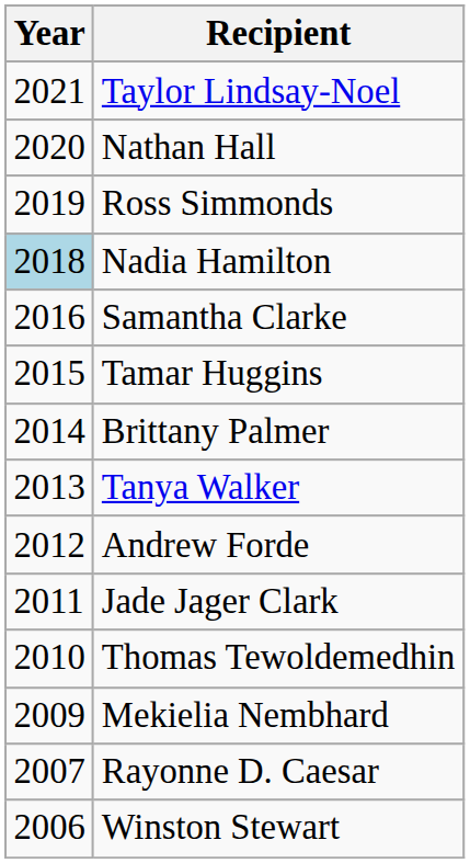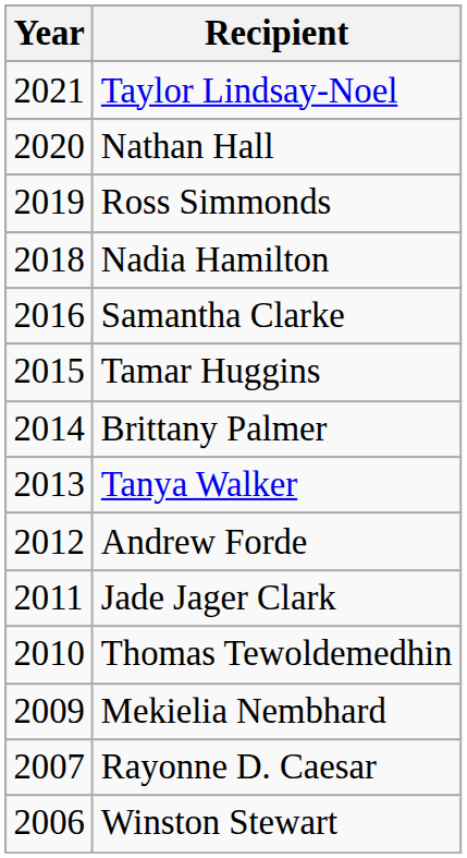 <table class="wikitable sortable">
 <tr>
 <th>Year</th>
 <th>Recipient</th>
 </tr>
 <tr>
 <td>2021</td>
 <td><a href='#'>Taylor Lindsay-Noel</a></td>
 </tr>
 <tr>
 <td>2020</td>
 <td>Nathan Hall</td>
 </tr>
 <tr>
 <td>2019</td>
 <td>Ross Simmonds</td>
 </tr>
 <tr>
-<td style="background: lightblue;">2018</td>
+<td>2018</td>
 <td>Nadia Hamilton</td>
 </tr>
 <tr>
 <td>2016</td>
 <td>Samantha Clarke</td>
 </tr>
 <tr>
 <td>2015</td>
 <td>Tamar Huggins</td>
 </tr>
 <tr>
 <td>2014</td>
 <td>Brittany Palmer</td>
 </tr>
 <tr>
 <td>2013</td>
 <td><a href='#'>Tanya Walker</a></td>
 </tr>
 <tr>
 <td>2012</td>
 <td>Andrew Forde</td>
 </tr>
 <tr>
 <td>2011</td>
 <td>Jade Jager Clark</td>
 </tr>
 <tr>
 <td>2010</td>
 <td>Thomas Tewoldemedhin</td>
 </tr>
 <tr>
 <td>2009</td>
 <td>Mekielia Nembhard</td>
 </tr>
 <tr>
 <td>2007</td>
 <td>Rayonne D. Caesar</td>
 </tr>
 <tr>
 <td>2006</td>
 <td>Winston Stewart</td>
 </tr>
 </table>
